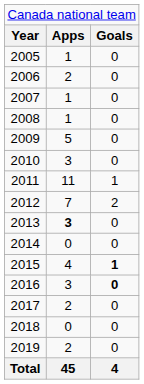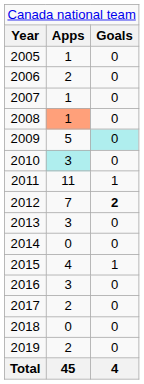 <table class="wikitable" style="text-align:center">
 <tr>
 <td colspan="3"><a href='#'>Canada national team</a></td>
 </tr>
 <tr>
 <th>Year</th>
 <th>Apps</th>
 <th>Goals</th>
 </tr>
 <tr>
 <td>2005</td>
 <td>1</td>
 <td>0</td>
 </tr>
 <tr>
 <td>2006</td>
 <td>2</td>
 <td>0</td>
 </tr>
 <tr>
 <td>2007</td>
 <td>1</td>
 <td>0</td>
 </tr>
 <tr>
 <td>2008</td>
-<td>1</td>
+<td style="background: lightsalmon;">1</td>
 <td>0</td>
 </tr>
 <tr>
 <td>2009</td>
 <td>5</td>
-<td>0</td>
+<td style="background: paleturquoise;">0</td>
 </tr>
 <tr>
 <td>2010</td>
-<td>3</td>
+<td style="background: paleturquoise;">3</td>
 <td>0</td>
 </tr>
 <tr>
 <td>2011</td>
 <td>11</td>
 <td>1</td>
 </tr>
 <tr>
 <td>2012</td>
 <td>7</td>
-<td>2</td>
+<td><strong>2</strong></td>
 </tr>
 <tr>
 <td>2013</td>
-<td><strong>3</strong></td>
+<td>3</td>
 <td>0</td>
 </tr>
 <tr>
 <td>2014</td>
 <td>0</td>
 <td>0</td>
 </tr>
 <tr>
 <td>2015</td>
 <td>4</td>
-<td><strong>1</strong></td>
+<td>1</td>
 </tr>
 <tr>
 <td>2016</td>
 <td>3</td>
-<td><strong>0</strong></td>
+<td>0</td>
 </tr>
 <tr>
 <td>2017</td>
 <td>2</td>
 <td>0</td>
 </tr>
 <tr>
 <td>2018</td>
 <td>0</td>
 <td>0</td>
 </tr>
 <tr>
 <td>2019</td>
 <td>2</td>
 <td>0</td>
 </tr>
 <tr>
 <th>Total</th>
 <th>45</th>
 <th>4</th>
 </tr>
 </table>
